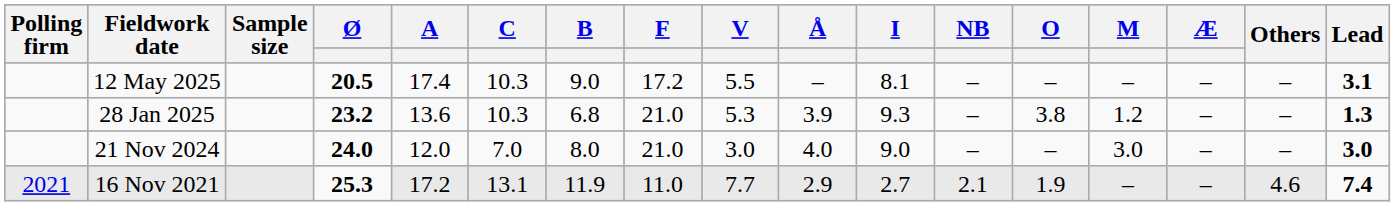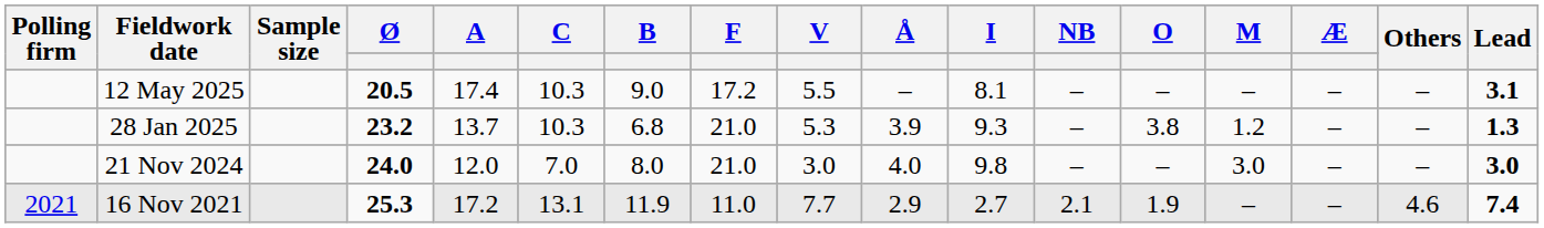 <table class="wikitable sortable mw-datatable" style="text-align:center;font-size:90%;line-height:14px;">
 <tr>
 <th rowspan="2">Polling<br>firm</th>
 <th rowspan="2">Fieldwork<br>date</th>
 <th rowspan="2">Sample<br>size</th>
 <th class="unsortable" style="width:40px;"><a href='#'>Ø</a></th>
 <th class="unsortable" style="width:40px;"><a href='#'>A</a></th>
 <th class="unsortable" style="width:40px;"><a href='#'>C</a></th>
 <th class="unsortable" style="width:40px;"><a href='#'>B</a></th>
 <th class="unsortable" style="width:40px;"><a href='#'>F</a></th>
 <th class="unsortable" style="width:40px;"><a href='#'>V</a></th>
 <th class="unsortable" style="width:40px;"><a href='#'>Å</a></th>
 <th class="unsortable" style="width:40px;"><a href='#'>I</a></th>
 <th class="unsortable" style="width:40px;"><a href='#'>NB</a></th>
 <th class="unsortable" style="width:40px;"><a href='#'>O</a></th>
 <th class="unsortable" style="width:40px;"><a href='#'>M</a></th>
 <th class="unsortable" style="width:40px;"><a href='#'>Æ</a></th>
 <th class="unsortable" style="width:40px;" rowspan="2">Others</th>
 <th rowspan="2">Lead</th>
 </tr>
 <tr>
 <th data-sort-type="number" style="background:"></th>
 <th data-sort-type="number" style="background:"></th>
 <th data-sort-type="number" style="background:"></th>
 <th data-sort-type="number" style="background:"></th>
 <th data-sort-type="number" style="background:"></th>
 <th data-sort-type="number" style="background:"></th>
 <th data-sort-type="number" style="background:"></th>
 <th data-sort-type="number" style="background:"></th>
 <th data-sort-type="number" style="background:"></th>
 <th data-sort-type="number" style="background:"></th>
 <th data-sort-type="number" style="background:"></th>
 <th data-sort-type="number" style="background:"></th>
 </tr>
 <tr>
 <td></td>
 <td data-sort-value="2017-11-21">12 May 2025</td>
 <td></td>
 <td><strong>20.5</strong><br></td>
 <td>17.4<br></td>
 <td>10.3<br></td>
 <td>9.0<br></td>
 <td>17.2<br></td>
 <td>5.5<br></td>
 <td>‒</td>
 <td>8.1<br></td>
 <td>‒</td>
 <td>‒</td>
 <td>‒</td>
 <td>‒</td>
 <td>‒</td>
 <td><strong>3.1</strong></td>
 </tr>
 <tr>
 <td></td>
 <td data-sort-value="2017-11-21">28 Jan 2025</td>
 <td></td>
 <td><strong>23.2</strong><br></td>
-<td>13.6<br></td>
+<td>13.7<br></td>
 <td>10.3<br></td>
 <td>6.8<br></td>
 <td>21.0<br></td>
 <td>5.3<br></td>
 <td>3.9<br></td>
 <td>9.3<br></td>
 <td>‒</td>
 <td>3.8<br></td>
 <td>1.2<br></td>
 <td>‒</td>
 <td>‒</td>
 <td><strong>1.3</strong></td>
 </tr>
 <tr>
 <td></td>
 <td data-sort-value="2017-11-21">21 Nov 2024</td>
 <td></td>
 <td><strong>24.0</strong><br></td>
 <td>12.0<br></td>
 <td>7.0<br></td>
 <td>8.0<br></td>
 <td>21.0<br></td>
 <td>3.0<br></td>
 <td>4.0<br></td>
-<td>9.0<br></td>
+<td>9.8<br></td>
 <td>‒</td>
 <td>‒</td>
 <td>3.0<br></td>
 <td>‒</td>
 <td>‒</td>
 <td><strong>3.0</strong></td>
 </tr>
 <tr>
 <td style="background:#E9E9E9;"><a href='#'>2021</a></td>
 <td style="background:#E9E9E9;" data-sort-value="2021-11-16">16 Nov 2021</td>
 <td style="background:#E9E9E9;"></td>
 <td><strong>25.3</strong><br></td>
 <td style="background:#E9E9E9;">17.2<br></td>
 <td style="background:#E9E9E9;">13.1<br></td>
 <td style="background:#E9E9E9;">11.9<br></td>
 <td style="background:#E9E9E9;">11.0<br></td>
 <td style="background:#E9E9E9;">7.7<br></td>
 <td style="background:#E9E9E9;">2.9<br></td>
 <td style="background:#E9E9E9;">2.7<br></td>
 <td style="background:#E9E9E9;">2.1<br></td>
 <td style="background:#E9E9E9;">1.9<br></td>
 <td style="background:#E9E9E9;">‒</td>
 <td style="background:#E9E9E9;">‒</td>
 <td style="background:#E9E9E9;">4.6</td>
 <td><strong>7.4</strong></td>
 </tr>
 </table>
